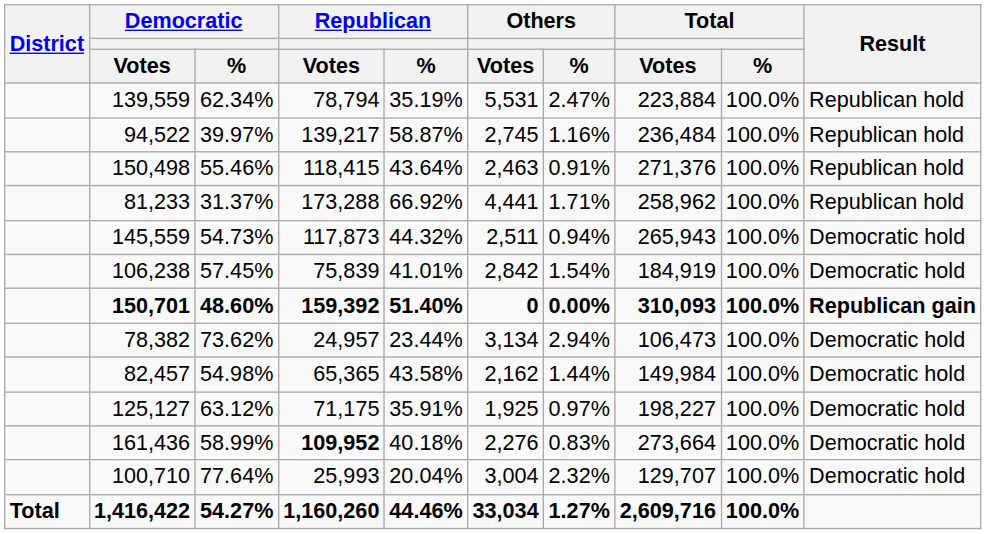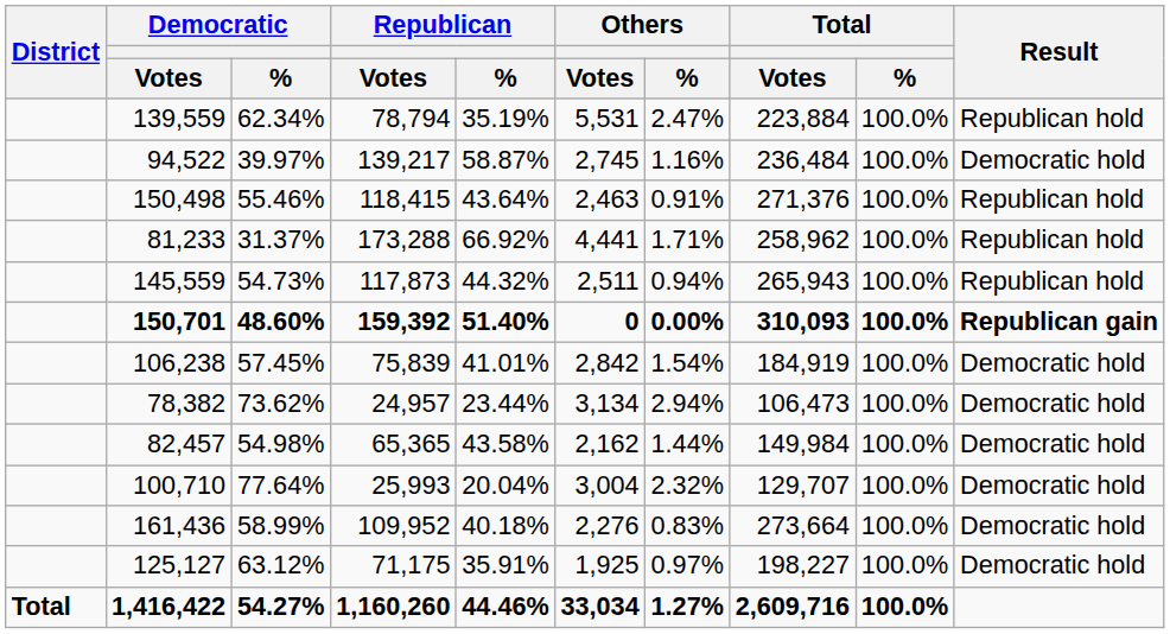 <table class="wikitable plainrowheaders sortable" style="font-size:100%; text-align:right;">
 <tr>
 <th scope=col rowspan=3><a href='#'>District</a></th>
 <th scope=col colspan=2><a href='#'>Democratic</a></th>
 <th scope=col colspan=2><a href='#'>Republican</a></th>
 <th scope=col colspan=2>Others</th>
 <th scope=col colspan=2>Total</th>
 <th scope=col rowspan=3>Result</th>
 </tr>
 <tr>
 <th scope=col colspan=2 style="background:"></th>
 <th scope=col colspan=2 style="background:"></th>
 <th scope=col colspan=2></th>
 <th scope=col colspan=2></th>
 </tr>
 <tr>
 <th scope=col data-sort-type="number">Votes</th>
 <th scope=col data-sort-type="number">%</th>
 <th scope=col data-sort-type="number">Votes</th>
 <th scope=col data-sort-type="number">%</th>
 <th scope=col data-sort-type="number">Votes</th>
 <th scope=col data-sort-type="number">%</th>
 <th scope=col data-sort-type="number">Votes</th>
 <th scope=col data-sort-type="number">%</th>
 </tr>
 <tr>
 <td align=left></td>
 <td>139,559</td>
 <td>62.34%</td>
 <td>78,794</td>
 <td>35.19%</td>
 <td>5,531</td>
 <td>2.47%</td>
 <td>223,884</td>
 <td>100.0%</td>
 <td align=left>Republican hold</td>
 </tr>
 <tr>
 <td align=left></td>
 <td>94,522</td>
 <td>39.97%</td>
 <td>139,217</td>
 <td>58.87%</td>
 <td>2,745</td>
 <td>1.16%</td>
 <td>236,484</td>
 <td>100.0%</td>
-<td align=left>Republican hold</td>
+<td align=left>Democratic hold</td>
 </tr>
 <tr>
 <td align=left></td>
 <td>150,498</td>
 <td>55.46%</td>
 <td>118,415</td>
 <td>43.64%</td>
 <td>2,463</td>
 <td>0.91%</td>
 <td>271,376</td>
 <td>100.0%</td>
 <td align=left>Republican hold</td>
 </tr>
 <tr>
 <td align=left></td>
 <td>81,233</td>
 <td>31.37%</td>
 <td>173,288</td>
 <td>66.92%</td>
 <td>4,441</td>
 <td>1.71%</td>
 <td>258,962</td>
 <td>100.0%</td>
 <td align=left>Republican hold</td>
 </tr>
 <tr>
 <td align=left></td>
 <td>145,559</td>
 <td>54.73%</td>
 <td>117,873</td>
 <td>44.32%</td>
 <td>2,511</td>
 <td>0.94%</td>
 <td>265,943</td>
 <td>100.0%</td>
-<td align=left>Democratic hold</td>
+<td align=left>Republican hold</td>
+</tr>
+<tr>
+<td align=left><strong></strong></td>
+<td><strong>150,701</strong></td>
+<td><strong>48.60%</strong></td>
+<td><strong>159,392</strong></td>
+<td><strong>51.40%</strong></td>
+<td><strong>0</strong></td>
+<td><strong>0.00%</strong></td>
+<td><strong>310,093</strong></td>
+<td><strong>100.0%</strong></td>
+<td align=left><strong>Republican gain</strong></td>
 </tr>
 <tr>
 <td align=left></td>
 <td>106,238</td>
 <td>57.45%</td>
 <td>75,839</td>
 <td>41.01%</td>
 <td>2,842</td>
 <td>1.54%</td>
 <td>184,919</td>
 <td>100.0%</td>
 <td align=left>Democratic hold</td>
-</tr>
-<tr>
-<td align=left><strong></strong></td>
-<td><strong>150,701</strong></td>
-<td><strong>48.60%</strong></td>
-<td><strong>159,392</strong></td>
-<td><strong>51.40%</strong></td>
-<td><strong>0</strong></td>
-<td><strong>0.00%</strong></td>
-<td><strong>310,093</strong></td>
-<td><strong>100.0%</strong></td>
-<td align=left><strong>Republican gain</strong></td>
 </tr>
 <tr>
 <td align=left></td>
 <td>78,382</td>
 <td>73.62%</td>
 <td>24,957</td>
 <td>23.44%</td>
 <td>3,134</td>
 <td>2.94%</td>
 <td>106,473</td>
 <td>100.0%</td>
 <td align=left>Democratic hold</td>
 </tr>
 <tr>
 <td align=left></td>
 <td>82,457</td>
 <td>54.98%</td>
 <td>65,365</td>
 <td>43.58%</td>
 <td>2,162</td>
 <td>1.44%</td>
 <td>149,984</td>
 <td>100.0%</td>
 <td align=left>Democratic hold</td>
 </tr>
 <tr>
 <td align=left></td>
-<td>125,127</td>
-<td>63.12%</td>
-<td>71,175</td>
-<td>35.91%</td>
-<td>1,925</td>
-<td>0.97%</td>
-<td>198,227</td>
+<td>100,710</td>
+<td>77.64%</td>
+<td>25,993</td>
+<td>20.04%</td>
+<td>3,004</td>
+<td>2.32%</td>
+<td>129,707</td>
 <td>100.0%</td>
 <td align=left>Democratic hold</td>
 </tr>
 <tr>
 <td align=left></td>
 <td>161,436</td>
 <td>58.99%</td>
-<td><strong>109,952</strong></td>
+<td>109,952</td>
 <td>40.18%</td>
 <td>2,276</td>
 <td>0.83%</td>
 <td>273,664</td>
 <td>100.0%</td>
 <td align=left>Democratic hold</td>
 </tr>
 <tr>
 <td align=left></td>
-<td>100,710</td>
-<td>77.64%</td>
-<td>25,993</td>
-<td>20.04%</td>
-<td>3,004</td>
-<td>2.32%</td>
-<td>129,707</td>
+<td>125,127</td>
+<td>63.12%</td>
+<td>71,175</td>
+<td>35.91%</td>
+<td>1,925</td>
+<td>0.97%</td>
+<td>198,227</td>
 <td>100.0%</td>
 <td align=left>Democratic hold</td>
 </tr>
 <tr class="sortbottom" style="font-weight:bold">
 <td align=left>Total</td>
 <td>1,416,422</td>
 <td>54.27%</td>
 <td>1,160,260</td>
 <td>44.46%</td>
 <td>33,034</td>
 <td>1.27%</td>
 <td>2,609,716</td>
 <td>100.0%</td>
 <td></td>
 </tr>
 </table>
